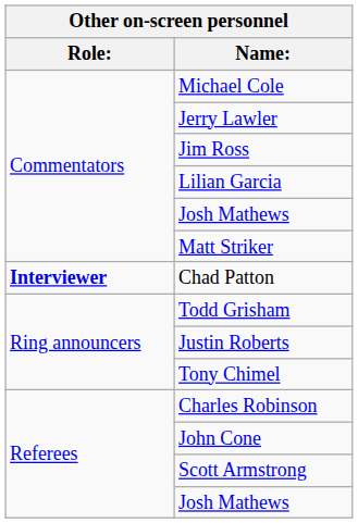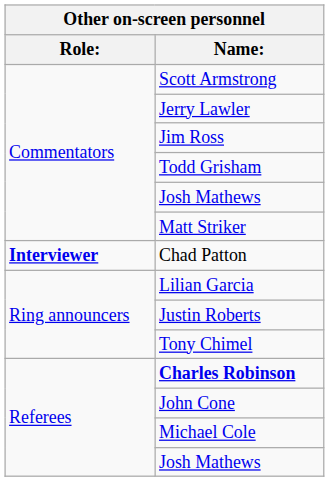 <table align="right" class="wikitable" style="border:1px; font-size:90%; margin-left:1em;">
 <tr>
 <th colspan=2 width=250>Other on-screen personnel</th>
 </tr>
 <tr>
 <th>Role:</th>
 <th>Name:</th>
 </tr>
 <tr>
 <td rowspan=6><a href='#'>Commentators</a></td>
-<td><a href='#'>Michael Cole</a> </td>
+<td><a href='#'>Scott Armstrong</a></td>
 </tr>
 <tr>
 <td><a href='#'>Jerry Lawler</a> </td>
 </tr>
 <tr>
 <td><a href='#'>Jim Ross</a> </td>
 </tr>
 <tr>
-<td><a href='#'>Lilian Garcia</a> </td>
+<td><a href='#'>Todd Grisham</a> </td>
 </tr>
 <tr>
 <td><a href='#'>Josh Mathews</a> </td>
 </tr>
 <tr>
 <td><a href='#'>Matt Striker</a> </td>
 </tr>
 <tr>
 <td><strong><a href='#'>Interviewer</a></strong></td>
 <td>Chad Patton</td>
 </tr>
 <tr>
 <td rowspan=3><a href='#'>Ring announcers</a></td>
-<td><a href='#'>Todd Grisham</a> </td>
+<td><a href='#'>Lilian Garcia</a> </td>
 </tr>
 <tr>
 <td><a href='#'>Justin Roberts</a> </td>
 </tr>
 <tr>
 <td><a href='#'>Tony Chimel</a> </td>
 </tr>
 <tr>
 <td rowspan=4><a href='#'>Referees</a></td>
-<td><a href='#'>Charles Robinson</a></td>
+<td><strong><a href='#'>Charles Robinson</a></strong></td>
 </tr>
 <tr>
 <td><a href='#'>John Cone</a></td>
 </tr>
 <tr>
-<td><a href='#'>Scott Armstrong</a></td>
+<td><a href='#'>Michael Cole</a> </td>
 </tr>
 <tr>
 <td><a href='#'>Josh Mathews</a></td>
 </tr>
 </table>
